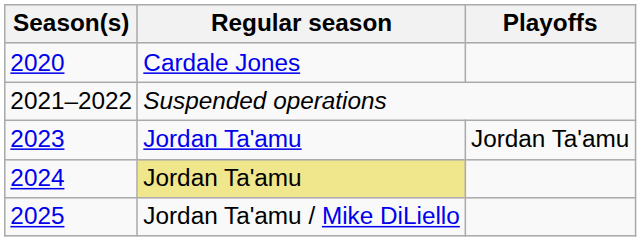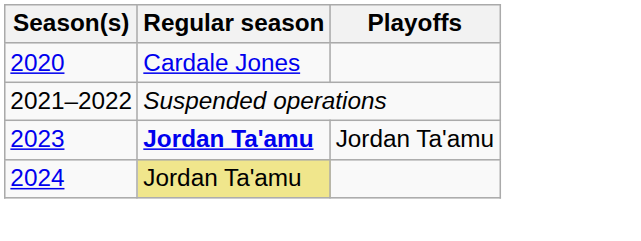 <table class="wikitable">
 <tr>
 <th>Season(s)</th>
 <th>Regular season</th>
 <th>Playoffs</th>
 </tr>
 <tr>
 <td><a href='#'>2020</a></td>
 <td><a href='#'>Cardale Jones</a> </td>
 <td></td>
 </tr>
 <tr>
 <td>2021–2022</td>
 <td colspan="2"><em>Suspended operations</em></td>
 </tr>
 <tr>
 <td><a href='#'>2023</a></td>
-<td><a href='#'>Jordan Ta'amu</a> </td>
+<td><strong><a href='#'>Jordan Ta'amu</a> </strong></td>
 <td>Jordan Ta'amu </td>
 </tr>
 <tr>
 <td><a href='#'>2024</a></td>
 <td style="background: khaki;">Jordan Ta'amu </td>
 <td></td>
 </tr>
-<tr>
-<td><a href='#'>2025</a></td>
-<td>Jordan Ta'amu  / <a href='#'>Mike DiLiello</a> </td>
-<td></td>
-</tr>
 </table>
